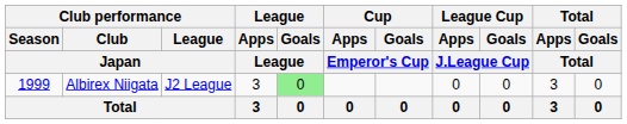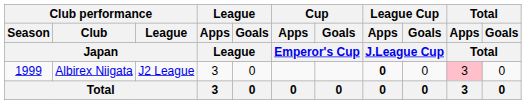 <table class="wikitable" style="text-align:center;">
 <tr>
 <th colspan=3>Club performance</th>
 <th colspan=2>League</th>
 <th colspan=2>Cup</th>
 <th colspan=2>League Cup</th>
 <th colspan=2>Total</th>
 </tr>
 <tr>
 <th>Season</th>
 <th>Club</th>
 <th>League</th>
 <th>Apps</th>
 <th>Goals</th>
 <th>Apps</th>
 <th>Goals</th>
 <th>Apps</th>
 <th>Goals</th>
 <th>Apps</th>
 <th>Goals</th>
 </tr>
 <tr>
 <th colspan=3>Japan</th>
 <th colspan=2>League</th>
 <th colspan=2><a href='#'>Emperor's Cup</a></th>
 <th colspan=2><a href='#'>J.League Cup</a></th>
 <th colspan=2>Total</th>
 </tr>
 <tr>
 <td><a href='#'>1999</a></td>
 <td><a href='#'>Albirex Niigata</a></td>
 <td><a href='#'>J2 League</a></td>
 <td>3</td>
-<td style="background: lightgreen;">0</td>
+<td>0</td>
 <td></td>
 <td></td>
+<td><strong>0</strong></td>
 <td>0</td>
-<td>0</td>
-<td>3</td>
+<td style="background: pink;">3</td>
 <td>0</td>
 </tr>
 <tr>
 <th colspan=3>Total</th>
 <th>3</th>
 <th>0</th>
 <th>0</th>
 <th>0</th>
 <th>0</th>
 <th>0</th>
 <th>3</th>
 <th>0</th>
 </tr>
 </table>
